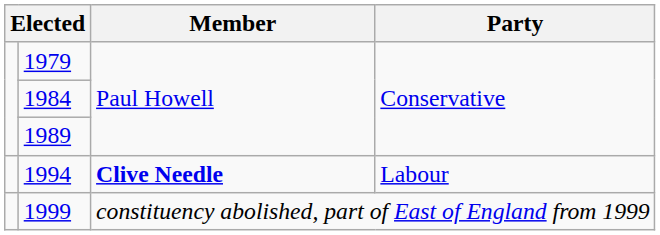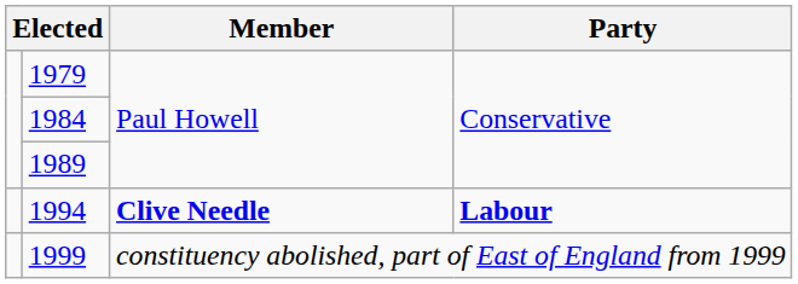 <table class="wikitable">
 <tr>
 <th colspan="2" scope="col">Elected</th>
 <th scope="col">Member</th>
 <th scope="col">Party</th>
 </tr>
 <tr>
 <td rowspan="3" style="background-color: "></td>
 <td><a href='#'>1979</a></td>
 <td rowspan="3"><a href='#'>Paul Howell</a></td>
 <td rowspan="3"><a href='#'>Conservative</a></td>
 </tr>
 <tr>
 <td><a href='#'>1984</a></td>
 </tr>
 <tr>
 <td><a href='#'>1989</a></td>
 </tr>
 <tr>
 <td style="background-color: "></td>
 <td><a href='#'>1994</a></td>
 <td><strong><a href='#'>Clive Needle</a></strong></td>
-<td><a href='#'>Labour</a></td>
+<td><strong><a href='#'>Labour</a></strong></td>
 </tr>
 <tr>
 <td></td>
 <td><a href='#'>1999</a></td>
 <td colspan="2"><em>constituency abolished, part of <a href='#'>East of England</a> from 1999</em></td>
 </tr>
 </table>
